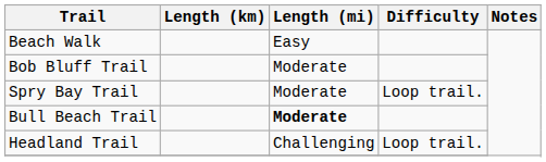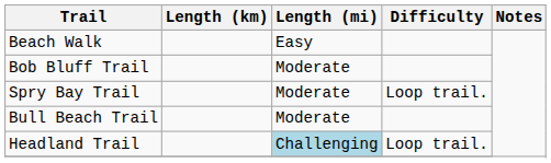 <table class="wikitable collapsible autocollapse">
 <tr>
 <th>Trail</th>
 <th>Length (km)</th>
 <th>Length (mi)</th>
 <th>Difficulty</th>
 <th>Notes</th>
 </tr>
 <tr>
 <td>Beach Walk</td>
 <td></td>
 <td>Easy</td>
 <td></td>
 </tr>
 <tr>
 <td>Bob Bluff Trail</td>
 <td></td>
 <td>Moderate</td>
 <td></td>
 </tr>
 <tr>
 <td>Spry Bay Trail</td>
 <td></td>
 <td>Moderate</td>
 <td>Loop trail.</td>
 </tr>
 <tr>
 <td>Bull Beach Trail</td>
 <td></td>
-<td><strong>Moderate</strong></td>
+<td>Moderate</td>
 <td></td>
 </tr>
 <tr>
 <td>Headland Trail</td>
 <td></td>
-<td>Challenging</td>
+<td style="background: lightblue;">Challenging</td>
 <td>Loop trail.</td>
 </tr>
 <tr>
 </tr>
 </table>
